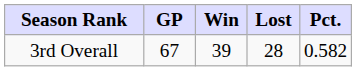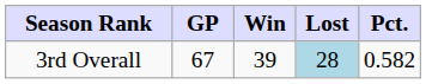 <table class="wikitable" border="1">
 <tr>
 <th style="background:#DDDDFF;" width="40%"><strong> Season Rank </strong></th>
 <th style="background:#DDDDFF;" width="15%"><strong> GP </strong></th>
 <th style="background:#DDDDFF;" width="15%"><strong> Win</strong></th>
 <th style="background:#DDDDFF;" width="15%"><strong> Lost </strong></th>
 <th style="background:#DDDDFF;" width="15%"><strong> Pct.</strong></th>
 </tr>
 <tr>
 <td align=center>3rd Overall</td>
 <td align=center>67</td>
 <td align=center>39</td>
-<td align=center>28</td>
+<td align=center style="background: lightblue;">28</td>
 <td align=center>0.582</td>
 </tr>
 </table>
